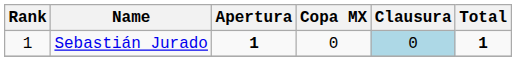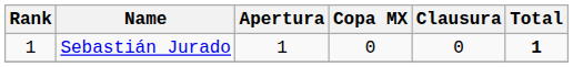 <table class="wikitable" style="text-align: center">
 <tr>
 <th>Rank</th>
 <th>Name</th>
 <th>Apertura</th>
 <th>Copa MX</th>
 <th>Clausura</th>
 <th>Total</th>
 </tr>
 <tr>
 <td>1</td>
 <td align=left> <a href='#'>Sebastián Jurado</a></td>
-<td><strong>1</strong></td>
+<td>1</td>
 <td>0</td>
-<td style="background: lightblue;">0</td>
+<td>0</td>
 <td><strong>1</strong></td>
 </tr>
 <tr>
 </tr>
 </table>
